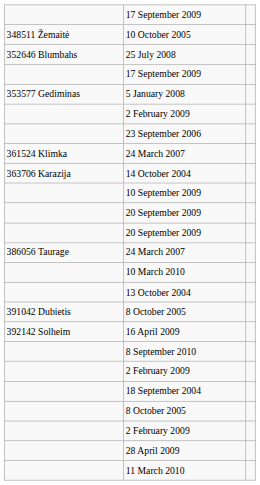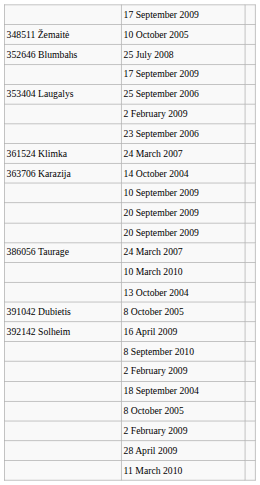 <table class="wikitable" style="font-size: 89%; float: left; width: 26em; margin-right: 1em; height: 700px;">
 <tr>
 <td></td>
 <td>17 September 2009</td>
 <td> </td>
 </tr>
 <tr>
 <td>348511 Žemaitė</td>
 <td>10 October 2005</td>
 <td> </td>
 </tr>
 <tr>
 <td>352646 Blumbahs</td>
 <td>25 July 2008</td>
 <td> </td>
 </tr>
 <tr>
 <td></td>
 <td>17 September 2009</td>
 <td> </td>
 </tr>
 <tr>
-<td>353577 Gediminas</td>
-<td>5 January 2008</td>
+<td>353404 Laugalys</td>
+<td>25 September 2006</td>
 <td> </td>
 </tr>
 <tr>
 <td></td>
 <td>2 February 2009</td>
 <td> </td>
 </tr>
 <tr>
 <td></td>
 <td>23 September 2006</td>
 <td> </td>
 </tr>
 <tr>
 <td>361524 Klimka</td>
 <td>24 March 2007</td>
 <td> </td>
 </tr>
 <tr>
 <td>363706 Karazija</td>
 <td>14 October 2004</td>
 <td> </td>
 </tr>
 <tr>
 <td></td>
 <td>10 September 2009</td>
 <td> </td>
 </tr>
 <tr>
 <td></td>
 <td>20 September 2009</td>
 <td> </td>
 </tr>
 <tr>
 <td></td>
 <td>20 September 2009</td>
 <td> </td>
 </tr>
 <tr>
 <td>386056 Taurage</td>
 <td>24 March 2007</td>
 <td></td>
 </tr>
 <tr>
 <td></td>
 <td>10 March 2010</td>
 <td> </td>
 </tr>
 <tr>
 <td></td>
 <td>13 October 2004</td>
 <td> </td>
 </tr>
 <tr>
 <td>391042 Dubietis</td>
 <td>8 October 2005</td>
 <td></td>
 </tr>
 <tr>
 <td>392142 Solheim</td>
 <td>16 April 2009</td>
 <td> </td>
 </tr>
 <tr>
 <td></td>
 <td>8 September 2010</td>
 <td> </td>
 </tr>
 <tr>
 <td></td>
 <td>2 February 2009</td>
 <td> </td>
 </tr>
 <tr>
 <td></td>
 <td>18 September 2004</td>
 <td> </td>
 </tr>
 <tr>
 <td></td>
 <td>8 October 2005</td>
 <td> </td>
 </tr>
 <tr>
 <td></td>
 <td>2 February 2009</td>
 <td> </td>
 </tr>
 <tr>
 <td></td>
 <td>28 April 2009</td>
 <td> </td>
 </tr>
 <tr>
 <td></td>
 <td>11 March 2010</td>
 <td> </td>
 </tr>
 </table>
